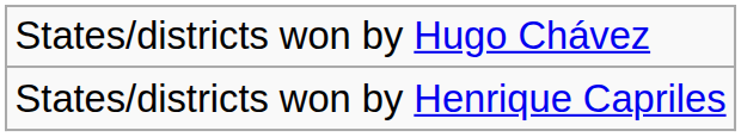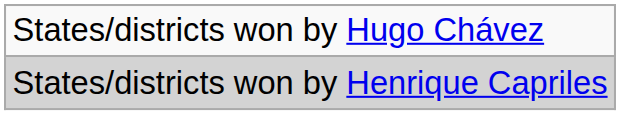 <table class="wikitable">
 <tr>
 <td>States/districts won by <a href='#'>Hugo Chávez</a></td>
 </tr>
 <tr>
-<td>States/districts won by <a href='#'>Henrique Capriles</a></td>
+<td style="background: lightgrey;">States/districts won by <a href='#'>Henrique Capriles</a></td>
 </tr>
 </table>
